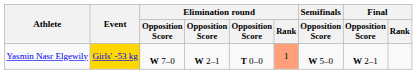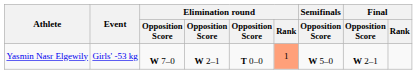 <table class="wikitable" style="font-size:90%">
 <tr>
 <th rowspan=2>Athlete</th>
 <th rowspan=2>Event</th>
 <th colspan=4>Elimination round</th>
 <th>Semifinals</th>
 <th colspan=2>Final</th>
 </tr>
 <tr style="font-size:95%">
 <th>Opposition<br>Score</th>
 <th>Opposition<br>Score</th>
 <th>Opposition<br>Score</th>
 <th>Rank</th>
 <th>Opposition<br>Score</th>
 <th>Opposition<br>Score</th>
 <th>Rank</th>
 </tr>
 <tr align=center>
 <td align=left><a href='#'>Yasmin Nasr Elgewily</a></td>
-<td align=left style="background: gold;"><a href='#'>Girls' -53 kg</a></td>
+<td align=left><a href='#'>Girls' -53 kg</a></td>
 <td><br><strong>W</strong> 7–0</td>
 <td><br><strong>W</strong> 2–1</td>
 <td><br><strong>T</strong> 0–0</td>
 <td style="background: lightsalmon;">1</td>
 <td><br><strong>W</strong> 5–0</td>
 <td><br><strong>W</strong> 2–1</td>
 <td></td>
 </tr>
 </table>
